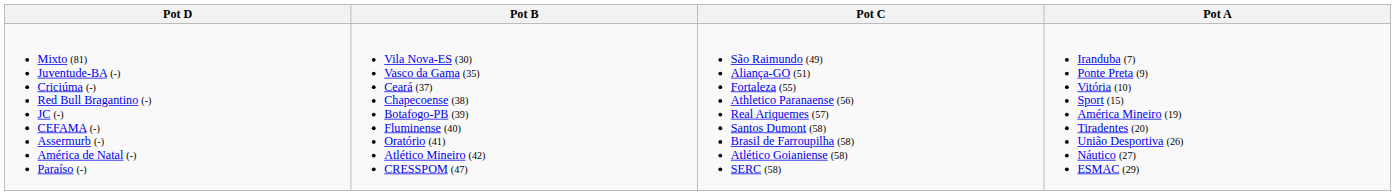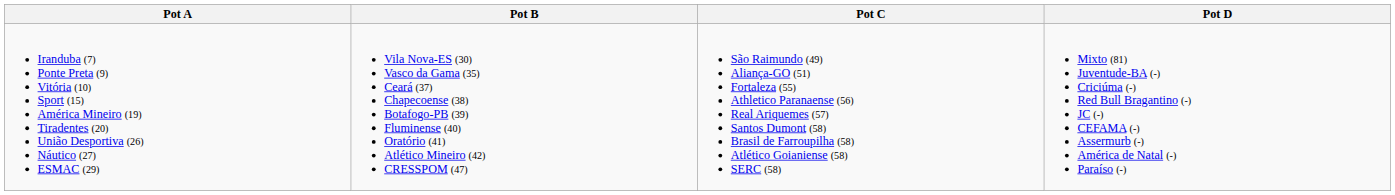 <table class="wikitable" width=92%>
 <tr>
-<th width=11%>Pot D</th>
+<th width=11%>Pot A</th>
 <th width=11%>Pot B</th>
 <th width=11%>Pot C</th>
-<th width=11%>Pot A</th>
+<th width=11%>Pot D</th>
 </tr>
 <tr>
-<td><br><ul><li> <a href='#'>Mixto</a> <small>(81)</small></li><li> <a href='#'>Juventude-BA</a> <small>(-)</small></li><li> <a href='#'>Criciúma</a> <small>(-)</small></li><li> <a href='#'>Red Bull Bragantino</a> <small>(-)</small></li><li> <a href='#'>JC</a> <small>(-)</small></li><li> <a href='#'>CEFAMA</a> <small>(-)</small></li><li> <a href='#'>Assermurb</a> <small>(-)</small></li><li> <a href='#'>América de Natal</a> <small>(-)</small></li><li> <a href='#'>Paraíso</a> <small>(-)</small></li></ul></td>
+<td><br><ul><li> <a href='#'>Iranduba</a> <small>(7)</small></li><li> <a href='#'>Ponte Preta</a> <small>(9)</small></li><li> <a href='#'>Vitória</a> <small>(10)</small></li><li> <a href='#'>Sport</a> <small>(15)</small></li><li> <a href='#'>América Mineiro</a> <small>(19)</small></li><li> <a href='#'>Tiradentes</a> <small>(20)</small></li><li> <a href='#'>União Desportiva</a> <small>(26)</small></li><li> <a href='#'>Náutico</a> <small>(27)</small></li><li> <a href='#'>ESMAC</a> <small>(29)</small></li></ul></td>
 <td><br><ul><li> <a href='#'>Vila Nova-ES</a> <small>(30)</small></li><li> <a href='#'>Vasco da Gama</a> <small>(35)</small></li><li> <a href='#'>Ceará</a> <small>(37)</small></li><li> <a href='#'>Chapecoense</a> <small>(38)</small></li><li> <a href='#'>Botafogo-PB</a> <small>(39)</small></li><li> <a href='#'>Fluminense</a> <small>(40)</small></li><li> <a href='#'>Oratório</a> <small>(41)</small></li><li> <a href='#'>Atlético Mineiro</a> <small>(42)</small></li><li> <a href='#'>CRESSPOM</a> <small>(47)</small></li></ul></td>
 <td><br><ul><li> <a href='#'>São Raimundo</a> <small>(49)</small></li><li> <a href='#'>Aliança-GO</a> <small>(51)</small></li><li> <a href='#'>Fortaleza</a> <small>(55)</small></li><li> <a href='#'>Athletico Paranaense</a> <small>(56)</small></li><li> <a href='#'>Real Ariquemes</a> <small>(57)</small></li><li> <a href='#'>Santos Dumont</a> <small>(58)</small></li><li> <a href='#'>Brasil de Farroupilha</a> <small>(58)</small></li><li> <a href='#'>Atlético Goianiense</a> <small>(58)</small></li><li> <a href='#'>SERC</a> <small>(58)</small></li></ul></td>
-<td><br><ul><li> <a href='#'>Iranduba</a> <small>(7)</small></li><li> <a href='#'>Ponte Preta</a> <small>(9)</small></li><li> <a href='#'>Vitória</a> <small>(10)</small></li><li> <a href='#'>Sport</a> <small>(15)</small></li><li> <a href='#'>América Mineiro</a> <small>(19)</small></li><li> <a href='#'>Tiradentes</a> <small>(20)</small></li><li> <a href='#'>União Desportiva</a> <small>(26)</small></li><li> <a href='#'>Náutico</a> <small>(27)</small></li><li> <a href='#'>ESMAC</a> <small>(29)</small></li></ul></td>
+<td><br><ul><li> <a href='#'>Mixto</a> <small>(81)</small></li><li> <a href='#'>Juventude-BA</a> <small>(-)</small></li><li> <a href='#'>Criciúma</a> <small>(-)</small></li><li> <a href='#'>Red Bull Bragantino</a> <small>(-)</small></li><li> <a href='#'>JC</a> <small>(-)</small></li><li> <a href='#'>CEFAMA</a> <small>(-)</small></li><li> <a href='#'>Assermurb</a> <small>(-)</small></li><li> <a href='#'>América de Natal</a> <small>(-)</small></li><li> <a href='#'>Paraíso</a> <small>(-)</small></li></ul></td>
 </tr>
 </table>
